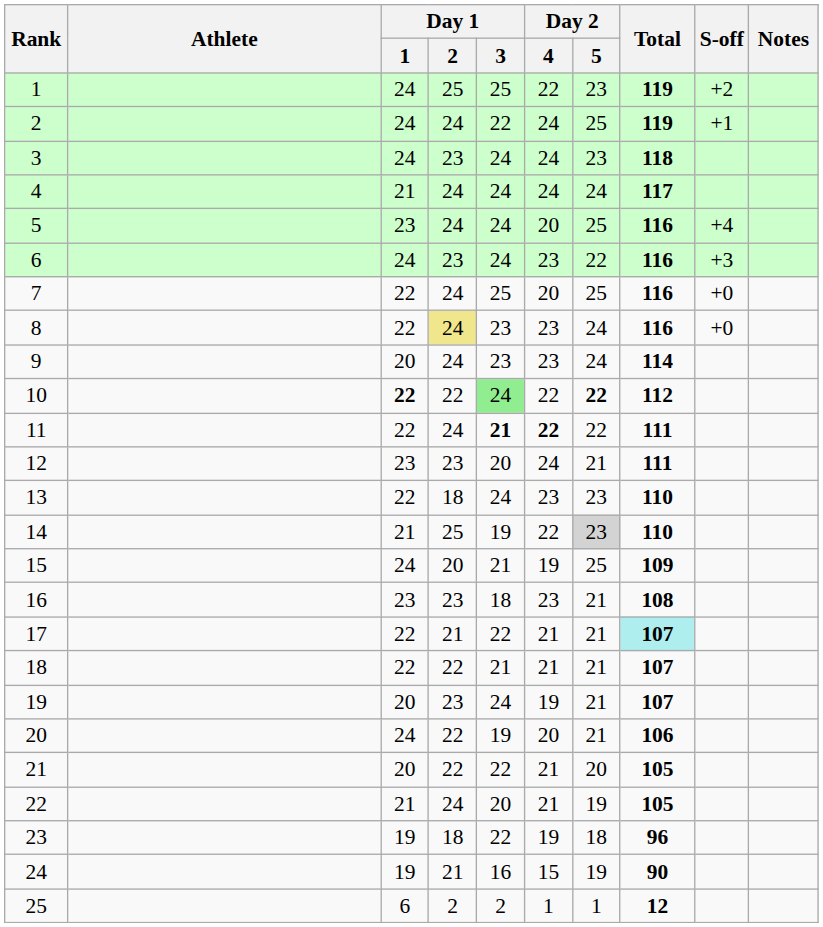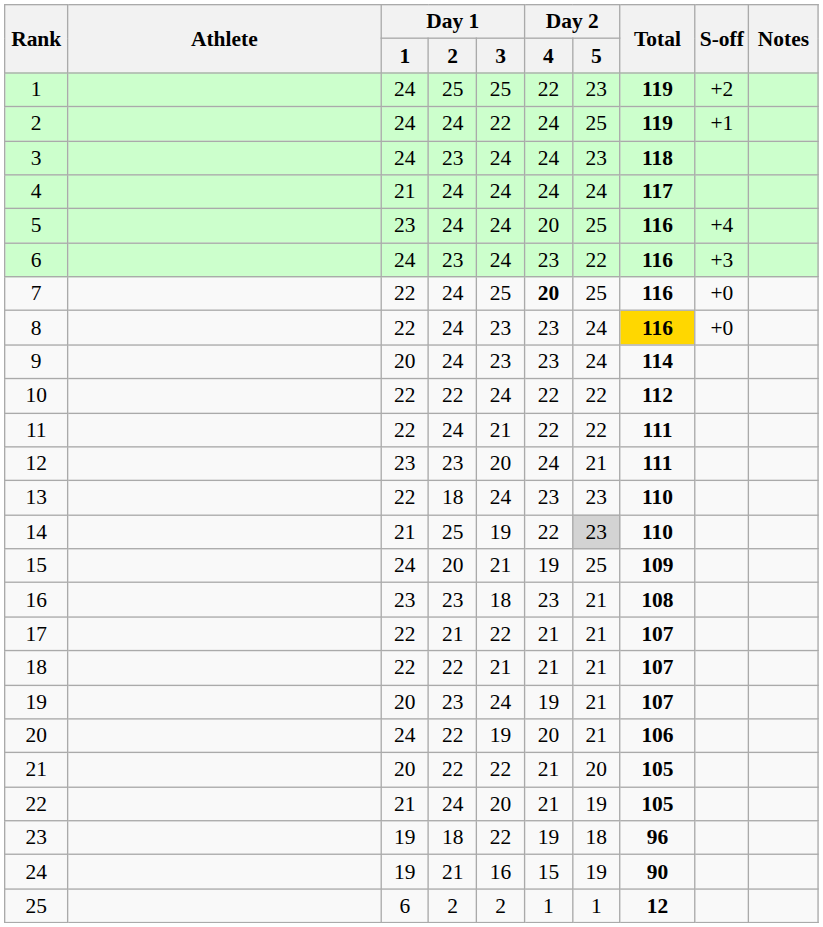 <table class="wikitable" style="text-align:center">
 <tr>
 <th rowspan=2 width=40>Rank</th>
 <th rowspan=2 width=250>Athlete</th>
 <th colspan=3>Day 1</th>
 <th colspan=2>Day 2</th>
 <th rowspan=2 width=50>Total</th>
 <th rowspan=2 width=35>S-off</th>
 <th rowspan=2 width=45>Notes</th>
 </tr>
 <tr>
 <th width=30>1</th>
 <th width=30>2</th>
 <th width=30>3</th>
 <th width=30>4</th>
 <th width=30>5</th>
 </tr>
 <tr bgcolor=ccffcc>
 <td>1</td>
 <td align=left></td>
 <td>24</td>
 <td>25</td>
 <td>25</td>
 <td>22</td>
 <td>23</td>
 <td><strong>119</strong></td>
 <td>+2</td>
 <td></td>
 </tr>
 <tr bgcolor=ccffcc>
 <td>2</td>
 <td align=left></td>
 <td>24</td>
 <td>24</td>
 <td>22</td>
 <td>24</td>
 <td>25</td>
 <td><strong>119</strong></td>
 <td>+1</td>
 <td></td>
 </tr>
 <tr bgcolor=ccffcc>
 <td>3</td>
 <td align=left></td>
 <td>24</td>
 <td>23</td>
 <td>24</td>
 <td>24</td>
 <td>23</td>
 <td><strong>118</strong></td>
 <td></td>
 <td></td>
 </tr>
 <tr bgcolor=ccffcc>
 <td>4</td>
 <td align=left></td>
 <td>21</td>
 <td>24</td>
 <td>24</td>
 <td>24</td>
 <td>24</td>
 <td><strong>117</strong></td>
 <td></td>
 <td></td>
 </tr>
 <tr bgcolor=ccffcc>
 <td>5</td>
 <td align=left></td>
 <td>23</td>
 <td>24</td>
 <td>24</td>
 <td>20</td>
 <td>25</td>
 <td><strong>116</strong></td>
 <td>+4</td>
 <td></td>
 </tr>
 <tr bgcolor=ccffcc>
 <td>6</td>
 <td align=left></td>
 <td>24</td>
 <td>23</td>
 <td>24</td>
 <td>23</td>
 <td>22</td>
 <td><strong>116</strong></td>
 <td>+3</td>
 <td></td>
 </tr>
 <tr>
 <td>7</td>
 <td align=left></td>
 <td>22</td>
 <td>24</td>
 <td>25</td>
-<td>20</td>
+<td><strong>20</strong></td>
 <td>25</td>
 <td><strong>116</strong></td>
 <td>+0</td>
 <td></td>
 </tr>
 <tr>
 <td>8</td>
 <td align=left></td>
 <td>22</td>
-<td style="background: khaki;">24</td>
+<td>24</td>
 <td>23</td>
 <td>23</td>
 <td>24</td>
-<td><strong>116</strong></td>
+<td style="background: gold;"><strong>116</strong></td>
 <td>+0</td>
 <td></td>
 </tr>
 <tr>
 <td>9</td>
 <td align=left></td>
 <td>20</td>
 <td>24</td>
 <td>23</td>
 <td>23</td>
 <td>24</td>
 <td><strong>114</strong></td>
 <td></td>
 <td></td>
 </tr>
 <tr>
 <td>10</td>
 <td align=left></td>
-<td><strong>22</strong></td>
 <td>22</td>
-<td style="background: lightgreen;">24</td>
 <td>22</td>
-<td><strong>22</strong></td>
+<td>24</td>
+<td>22</td>
+<td>22</td>
 <td><strong>112</strong></td>
 <td></td>
 <td></td>
 </tr>
 <tr>
 <td>11</td>
 <td align=left></td>
 <td>22</td>
 <td>24</td>
-<td><strong>21</strong></td>
-<td><strong>22</strong></td>
+<td>21</td>
+<td>22</td>
 <td>22</td>
 <td><strong>111</strong></td>
 <td></td>
 <td></td>
 </tr>
 <tr>
 <td>12</td>
 <td align=left></td>
 <td>23</td>
 <td>23</td>
 <td>20</td>
 <td>24</td>
 <td>21</td>
 <td><strong>111</strong></td>
 <td></td>
 <td></td>
 </tr>
 <tr>
 <td>13</td>
 <td align=left></td>
 <td>22</td>
 <td>18</td>
 <td>24</td>
 <td>23</td>
 <td>23</td>
 <td><strong>110</strong></td>
 <td></td>
 <td></td>
 </tr>
 <tr>
 <td>14</td>
 <td align=left></td>
 <td>21</td>
 <td>25</td>
 <td>19</td>
 <td>22</td>
 <td style="background: lightgrey;">23</td>
 <td><strong>110</strong></td>
 <td></td>
 <td></td>
 </tr>
 <tr>
 <td>15</td>
 <td align=left></td>
 <td>24</td>
 <td>20</td>
 <td>21</td>
 <td>19</td>
 <td>25</td>
 <td><strong>109</strong></td>
 <td></td>
 <td></td>
 </tr>
 <tr>
 <td>16</td>
 <td align=left></td>
 <td>23</td>
 <td>23</td>
 <td>18</td>
 <td>23</td>
 <td>21</td>
 <td><strong>108</strong></td>
 <td></td>
 <td></td>
 </tr>
 <tr>
 <td>17</td>
 <td align=left></td>
 <td>22</td>
 <td>21</td>
 <td>22</td>
 <td>21</td>
 <td>21</td>
-<td style="background: paleturquoise;"><strong>107</strong></td>
+<td><strong>107</strong></td>
 <td></td>
 <td></td>
 </tr>
 <tr>
 <td>18</td>
 <td align=left></td>
 <td>22</td>
 <td>22</td>
 <td>21</td>
 <td>21</td>
 <td>21</td>
 <td><strong>107</strong></td>
 <td></td>
 <td></td>
 </tr>
 <tr>
 <td>19</td>
 <td align=left></td>
 <td>20</td>
 <td>23</td>
 <td>24</td>
 <td>19</td>
 <td>21</td>
 <td><strong>107</strong></td>
 <td></td>
 <td></td>
 </tr>
 <tr>
 <td>20</td>
 <td align=left></td>
 <td>24</td>
 <td>22</td>
 <td>19</td>
 <td>20</td>
 <td>21</td>
 <td><strong>106</strong></td>
 <td></td>
 <td></td>
 </tr>
 <tr>
 <td>21</td>
 <td align=left></td>
 <td>20</td>
 <td>22</td>
 <td>22</td>
 <td>21</td>
 <td>20</td>
 <td><strong>105</strong></td>
 <td></td>
 <td></td>
 </tr>
 <tr>
 <td>22</td>
 <td align=left></td>
 <td>21</td>
 <td>24</td>
 <td>20</td>
 <td>21</td>
 <td>19</td>
 <td><strong>105</strong></td>
 <td></td>
 <td></td>
 </tr>
 <tr>
 <td>23</td>
 <td align=left></td>
 <td>19</td>
 <td>18</td>
 <td>22</td>
 <td>19</td>
 <td>18</td>
 <td><strong>96</strong></td>
 <td></td>
 <td></td>
 </tr>
 <tr>
 <td>24</td>
 <td align=left></td>
 <td>19</td>
 <td>21</td>
 <td>16</td>
 <td>15</td>
 <td>19</td>
 <td><strong>90</strong></td>
 <td></td>
 <td></td>
 </tr>
 <tr>
 <td>25</td>
 <td align=left></td>
 <td>6</td>
 <td>2</td>
 <td>2</td>
 <td>1</td>
 <td>1</td>
 <td><strong>12</strong></td>
 <td></td>
 <td></td>
 </tr>
 </table>
